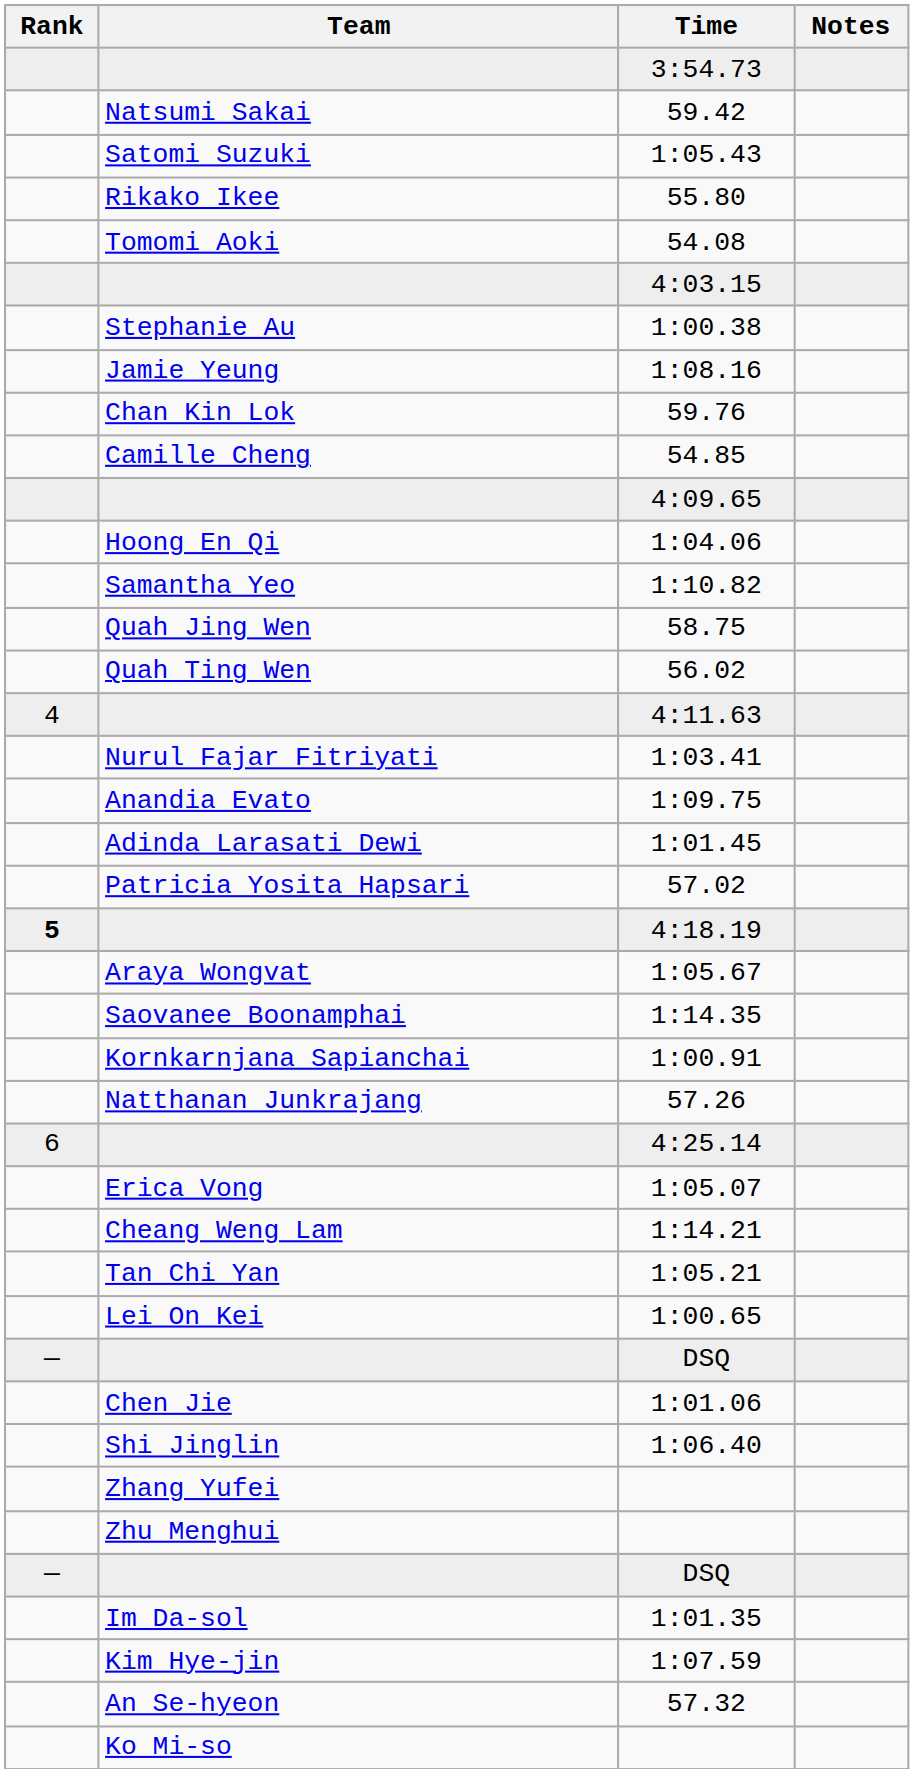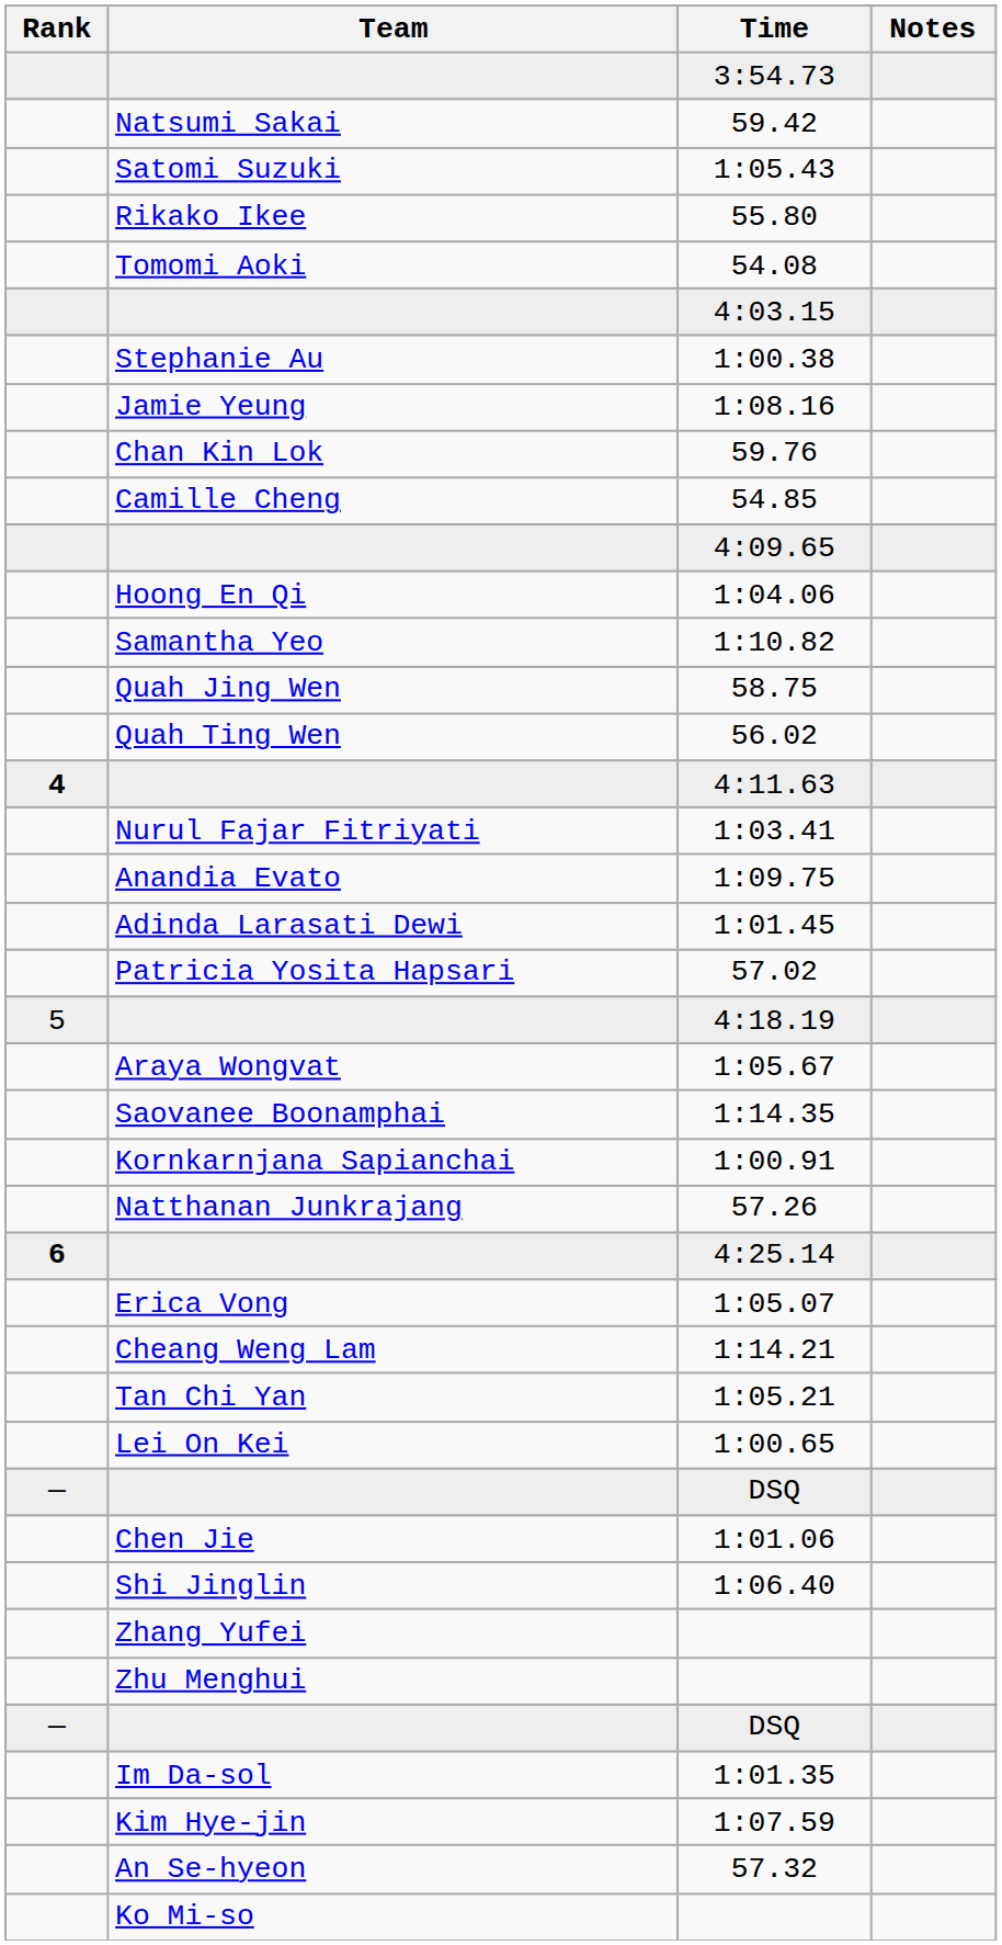 <table class="wikitable" style="text-align:center">
 <tr>
 <th width=40>Rank</th>
 <th width=250>Team</th>
 <th width=80>Time</th>
 <th width=50>Notes</th>
 </tr>
 <tr bgcolor=eeeeee>
 <td></td>
 <td align=left></td>
 <td>3:54.73</td>
 <td></td>
 </tr>
 <tr>
 <td></td>
 <td align=left><a href='#'>Natsumi Sakai</a></td>
 <td>59.42</td>
 <td></td>
 </tr>
 <tr>
 <td></td>
 <td align=left><a href='#'>Satomi Suzuki</a></td>
 <td>1:05.43</td>
 <td></td>
 </tr>
 <tr>
 <td></td>
 <td align=left><a href='#'>Rikako Ikee</a></td>
 <td>55.80</td>
 <td></td>
 </tr>
 <tr>
 <td></td>
 <td align=left><a href='#'>Tomomi Aoki</a></td>
 <td>54.08</td>
 <td></td>
 </tr>
 <tr bgcolor=eeeeee>
 <td></td>
 <td align=left></td>
 <td>4:03.15</td>
 <td></td>
 </tr>
 <tr>
 <td></td>
 <td align=left><a href='#'>Stephanie Au</a></td>
 <td>1:00.38</td>
 <td></td>
 </tr>
 <tr>
 <td></td>
 <td align=left><a href='#'>Jamie Yeung</a></td>
 <td>1:08.16</td>
 <td></td>
 </tr>
 <tr>
 <td></td>
 <td align=left><a href='#'>Chan Kin Lok</a></td>
 <td>59.76</td>
 <td></td>
 </tr>
 <tr>
 <td></td>
 <td align=left><a href='#'>Camille Cheng</a></td>
 <td>54.85</td>
 <td></td>
 </tr>
 <tr bgcolor=eeeeee>
 <td></td>
 <td align=left></td>
 <td>4:09.65</td>
 <td></td>
 </tr>
 <tr>
 <td></td>
 <td align=left><a href='#'>Hoong En Qi</a></td>
 <td>1:04.06</td>
 <td></td>
 </tr>
 <tr>
 <td></td>
 <td align=left><a href='#'>Samantha Yeo</a></td>
 <td>1:10.82</td>
 <td></td>
 </tr>
 <tr>
 <td></td>
 <td align=left><a href='#'>Quah Jing Wen</a></td>
 <td>58.75</td>
 <td></td>
 </tr>
 <tr>
 <td></td>
 <td align=left><a href='#'>Quah Ting Wen</a></td>
 <td>56.02</td>
 <td></td>
 </tr>
 <tr bgcolor=eeeeee>
-<td>4</td>
+<td><strong>4</strong></td>
 <td align=left></td>
 <td>4:11.63</td>
 <td></td>
 </tr>
 <tr>
 <td></td>
 <td align=left><a href='#'>Nurul Fajar Fitriyati</a></td>
 <td>1:03.41</td>
 <td></td>
 </tr>
 <tr>
 <td></td>
 <td align=left><a href='#'>Anandia Evato</a></td>
 <td>1:09.75</td>
 <td></td>
 </tr>
 <tr>
 <td></td>
 <td align=left><a href='#'>Adinda Larasati Dewi</a></td>
 <td>1:01.45</td>
 <td></td>
 </tr>
 <tr>
 <td></td>
 <td align=left><a href='#'>Patricia Yosita Hapsari</a></td>
 <td>57.02</td>
 <td></td>
 </tr>
 <tr bgcolor=eeeeee>
-<td><strong>5</strong></td>
+<td>5</td>
 <td align=left></td>
 <td>4:18.19</td>
 <td></td>
 </tr>
 <tr>
 <td></td>
 <td align=left><a href='#'>Araya Wongvat</a></td>
 <td>1:05.67</td>
 <td></td>
 </tr>
 <tr>
 <td></td>
 <td align=left><a href='#'>Saovanee Boonamphai</a></td>
 <td>1:14.35</td>
 <td></td>
 </tr>
 <tr>
 <td></td>
 <td align=left><a href='#'>Kornkarnjana Sapianchai</a></td>
 <td>1:00.91</td>
 <td></td>
 </tr>
 <tr>
 <td></td>
 <td align=left><a href='#'>Natthanan Junkrajang</a></td>
 <td>57.26</td>
 <td></td>
 </tr>
 <tr bgcolor=eeeeee>
-<td>6</td>
+<td><strong>6</strong></td>
 <td align=left></td>
 <td>4:25.14</td>
 <td></td>
 </tr>
 <tr>
 <td></td>
 <td align=left><a href='#'>Erica Vong</a></td>
 <td>1:05.07</td>
 <td></td>
 </tr>
 <tr>
 <td></td>
 <td align=left><a href='#'>Cheang Weng Lam</a></td>
 <td>1:14.21</td>
 <td></td>
 </tr>
 <tr>
 <td></td>
 <td align=left><a href='#'>Tan Chi Yan</a></td>
 <td>1:05.21</td>
 <td></td>
 </tr>
 <tr>
 <td></td>
 <td align=left><a href='#'>Lei On Kei</a></td>
 <td>1:00.65</td>
 <td></td>
 </tr>
 <tr bgcolor=eeeeee>
 <td>—</td>
 <td align=left></td>
 <td>DSQ</td>
 <td></td>
 </tr>
 <tr>
 <td></td>
 <td align=left><a href='#'>Chen Jie</a></td>
 <td>1:01.06</td>
 <td></td>
 </tr>
 <tr>
 <td></td>
 <td align=left><a href='#'>Shi Jinglin</a></td>
 <td>1:06.40</td>
 <td></td>
 </tr>
 <tr>
 <td></td>
 <td align=left><a href='#'>Zhang Yufei</a></td>
 <td></td>
 <td></td>
 </tr>
 <tr>
 <td></td>
 <td align=left><a href='#'>Zhu Menghui</a></td>
 <td></td>
 <td></td>
 </tr>
 <tr bgcolor=eeeeee>
 <td>—</td>
 <td align=left></td>
 <td>DSQ</td>
 <td></td>
 </tr>
 <tr>
 <td></td>
 <td align=left><a href='#'>Im Da-sol</a></td>
 <td>1:01.35</td>
 <td></td>
 </tr>
 <tr>
 <td></td>
 <td align=left><a href='#'>Kim Hye-jin</a></td>
 <td>1:07.59</td>
 <td></td>
 </tr>
 <tr>
 <td></td>
 <td align=left><a href='#'>An Se-hyeon</a></td>
 <td>57.32</td>
 <td></td>
 </tr>
 <tr>
 <td></td>
 <td align=left><a href='#'>Ko Mi-so</a></td>
 <td></td>
 <td></td>
 </tr>
 </table>
